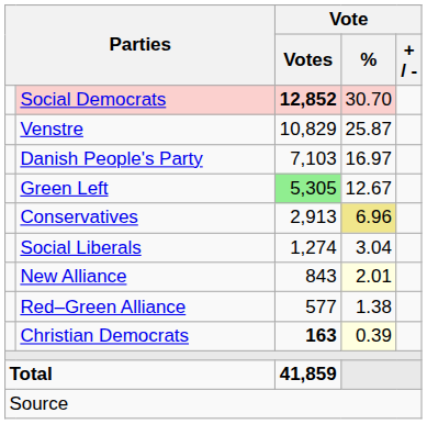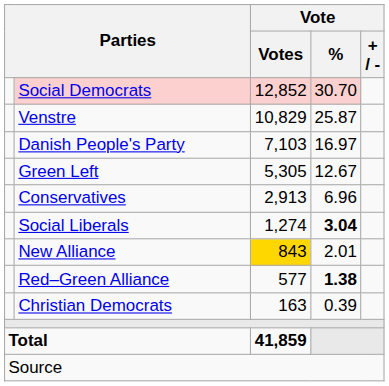 <table class="wikitable" style="text-align:right;">
 <tr>
 <th style="text-align:centre;" rowspan="2" colspan="2" width="225">Parties</th>
 <th colspan="3">Vote</th>
 </tr>
 <tr>
 <th width="15">Votes</th>
 <th width="15">%</th>
 <th width="15">+ / -</th>
 </tr>
 <tr>
 <td width="2" style="color:inherit;background:"></td>
 <td bgcolor=#fbd0ce  align="left"><a href='#'>Social Democrats</a></td>
-<td bgcolor=#fbd0ce><strong>12,852</strong></td>
+<td bgcolor=#fbd0ce>12,852</td>
 <td bgcolor=#fbd0ce>30.70</td>
 <td></td>
 </tr>
 <tr>
 <td width="2" style="color:inherit;background:"></td>
 <td align="left"><a href='#'>Venstre</a></td>
 <td>10,829</td>
 <td>25.87</td>
 <td></td>
 </tr>
 <tr>
 <td width="2" style="color:inherit;background:"></td>
 <td align="left"><a href='#'>Danish People's Party</a></td>
 <td>7,103</td>
 <td>16.97</td>
 <td></td>
 </tr>
 <tr>
 <td width="2" style="color:inherit;background:"></td>
 <td align="left"><a href='#'>Green Left</a></td>
-<td style="background: lightgreen;">5,305</td>
+<td>5,305</td>
 <td>12.67</td>
 <td></td>
 </tr>
 <tr>
 <td width="2" style="color:inherit;background:"></td>
 <td align="left"><a href='#'>Conservatives</a></td>
 <td>2,913</td>
-<td style="background: khaki;">6.96</td>
+<td>6.96</td>
 <td></td>
 </tr>
 <tr>
 <td width="2" style="color:inherit;background:"></td>
 <td align="left"><a href='#'>Social Liberals</a></td>
 <td>1,274</td>
-<td>3.04</td>
+<td><strong>3.04</strong></td>
 <td></td>
 </tr>
 <tr>
 <td width="2" style="color:inherit;background:"></td>
 <td align="left"><a href='#'>New Alliance</a></td>
-<td>843</td>
-<td style="background: lightyellow;">2.01</td>
+<td style="background: gold;">843</td>
+<td>2.01</td>
 <td></td>
 </tr>
 <tr>
 <td width="2" style="color:inherit;background:"></td>
 <td align="left"><a href='#'>Red–Green Alliance</a></td>
 <td>577</td>
-<td>1.38</td>
+<td><strong>1.38</strong></td>
 <td></td>
 </tr>
 <tr>
 <td width="2" style="color:inherit;background:"></td>
 <td align="left"><a href='#'>Christian Democrats</a></td>
-<td><strong>163</strong></td>
-<td style="background: lightyellow;">0.39</td>
+<td>163</td>
+<td>0.39</td>
 <td></td>
 </tr>
 <tr>
 <td colspan="7" bgcolor="#E9E9E9"></td>
 </tr>
 <tr>
 <td align="left" colspan="2"><strong>Total</strong></td>
 <td><strong>41,859</strong></td>
 <td bgcolor="#E9E9E9" colspan="2"></td>
 </tr>
 <tr>
 <td align="left" colspan="6">Source</td>
 </tr>
 </table>
